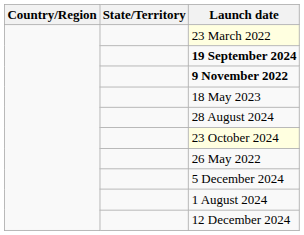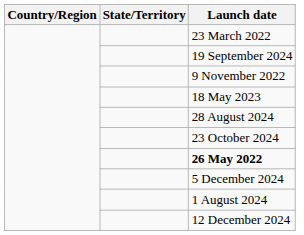 <table class="wikitable sortable">
 <tr>
 <th>Country/Region</th>
 <th>State/Territory</th>
 <th>Launch date</th>
 </tr>
 <tr>
 <td rowspan="10"></td>
 <td></td>
-<td style="background: lightyellow;">23 March 2022</td>
+<td>23 March 2022</td>
 </tr>
 <tr>
 <td></td>
-<td><strong>19 September 2024</strong></td>
+<td>19 September 2024</td>
 </tr>
 <tr>
 <td></td>
-<td><strong>9 November 2022</strong></td>
+<td>9 November 2022</td>
 </tr>
 <tr>
 <td></td>
 <td>18 May 2023</td>
 </tr>
 <tr>
 <td></td>
 <td>28 August 2024</td>
 </tr>
 <tr>
 <td></td>
-<td style="background: lightyellow;">23 October 2024</td>
+<td>23 October 2024</td>
 </tr>
 <tr>
 <td></td>
-<td>26 May 2022</td>
+<td><strong>26 May 2022</strong></td>
 </tr>
 <tr>
 <td></td>
 <td>5 December 2024</td>
 </tr>
 <tr>
 <td></td>
 <td>1 August 2024</td>
 </tr>
 <tr>
 <td></td>
 <td>12 December 2024</td>
 </tr>
 </table>
